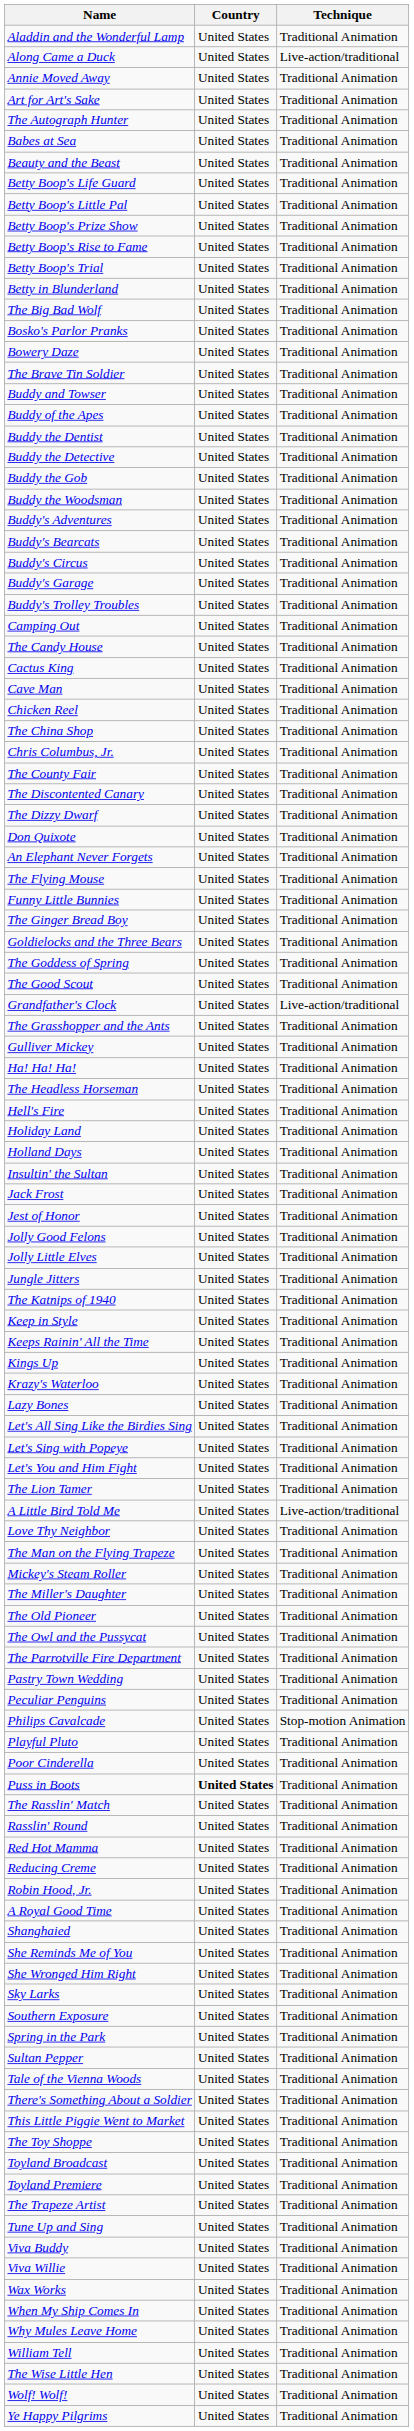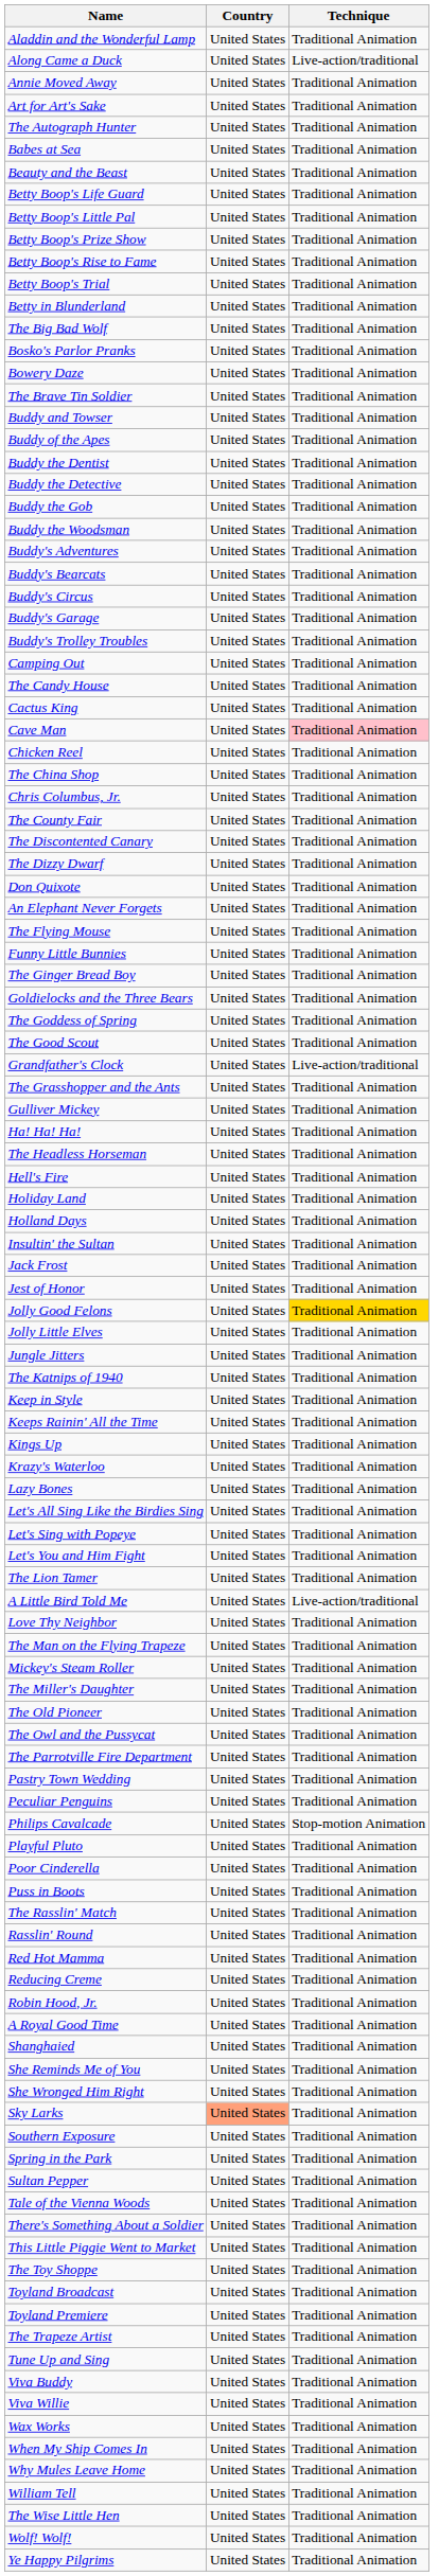 <table class="wikitable sortable">
 <tr>
 <th>Name</th>
 <th>Country</th>
 <th>Technique</th>
 </tr>
 <tr>
 <td><em><a href='#'>Aladdin and the Wonderful Lamp</a></em></td>
 <td>United States</td>
 <td>Traditional Animation</td>
 </tr>
 <tr>
 <td><em><a href='#'>Along Came a Duck</a></em></td>
 <td>United States</td>
 <td>Live-action/traditional</td>
 </tr>
 <tr>
 <td><em><a href='#'>Annie Moved Away</a></em></td>
 <td>United States</td>
 <td>Traditional Animation</td>
 </tr>
 <tr>
 <td><em><a href='#'>Art for Art's Sake</a></em></td>
 <td>United States</td>
 <td>Traditional Animation</td>
 </tr>
 <tr>
 <td><em><a href='#'>The Autograph Hunter</a></em></td>
 <td>United States</td>
 <td>Traditional Animation</td>
 </tr>
 <tr>
 <td><em><a href='#'>Babes at Sea</a></em></td>
 <td>United States</td>
 <td>Traditional Animation</td>
 </tr>
 <tr>
 <td><em><a href='#'>Beauty and the Beast</a></em></td>
 <td>United States</td>
 <td>Traditional Animation</td>
 </tr>
 <tr>
 <td><em><a href='#'>Betty Boop's Life Guard</a></em></td>
 <td>United States</td>
 <td>Traditional Animation</td>
 </tr>
 <tr>
 <td><em><a href='#'>Betty Boop's Little Pal</a></em></td>
 <td>United States</td>
 <td>Traditional Animation</td>
 </tr>
 <tr>
 <td><em><a href='#'>Betty Boop's Prize Show</a></em></td>
 <td>United States</td>
 <td>Traditional Animation</td>
 </tr>
 <tr>
 <td><em><a href='#'>Betty Boop's Rise to Fame</a></em></td>
 <td>United States</td>
 <td>Traditional Animation</td>
 </tr>
 <tr>
 <td><em><a href='#'>Betty Boop's Trial</a></em></td>
 <td>United States</td>
 <td>Traditional Animation</td>
 </tr>
 <tr>
 <td><em><a href='#'>Betty in Blunderland</a></em></td>
 <td>United States</td>
 <td>Traditional Animation</td>
 </tr>
 <tr>
 <td><em><a href='#'>The Big Bad Wolf</a></em></td>
 <td>United States</td>
 <td>Traditional Animation</td>
 </tr>
 <tr>
 <td><em><a href='#'>Bosko's Parlor Pranks</a></em></td>
 <td>United States</td>
 <td>Traditional Animation</td>
 </tr>
 <tr>
 <td><em><a href='#'>Bowery Daze</a></em></td>
 <td>United States</td>
 <td>Traditional Animation</td>
 </tr>
 <tr>
 <td><em><a href='#'>The Brave Tin Soldier</a></em></td>
 <td>United States</td>
 <td>Traditional Animation</td>
 </tr>
 <tr>
 <td><em><a href='#'>Buddy and Towser</a></em></td>
 <td>United States</td>
 <td>Traditional Animation</td>
 </tr>
 <tr>
 <td><em><a href='#'>Buddy of the Apes</a></em></td>
 <td>United States</td>
 <td>Traditional Animation</td>
 </tr>
 <tr>
 <td><em><a href='#'>Buddy the Dentist</a></em></td>
 <td>United States</td>
 <td>Traditional Animation</td>
 </tr>
 <tr>
 <td><em><a href='#'>Buddy the Detective</a></em></td>
 <td>United States</td>
 <td>Traditional Animation</td>
 </tr>
 <tr>
 <td><em><a href='#'>Buddy the Gob</a></em></td>
 <td>United States</td>
 <td>Traditional Animation</td>
 </tr>
 <tr>
 <td><em><a href='#'>Buddy the Woodsman</a></em></td>
 <td>United States</td>
 <td>Traditional Animation</td>
 </tr>
 <tr>
 <td><em><a href='#'>Buddy's Adventures</a></em></td>
 <td>United States</td>
 <td>Traditional Animation</td>
 </tr>
 <tr>
 <td><em><a href='#'>Buddy's Bearcats</a></em></td>
 <td>United States</td>
 <td>Traditional Animation</td>
 </tr>
 <tr>
 <td><em><a href='#'>Buddy's Circus</a></em></td>
 <td>United States</td>
 <td>Traditional Animation</td>
 </tr>
 <tr>
 <td><em><a href='#'>Buddy's Garage</a></em></td>
 <td>United States</td>
 <td>Traditional Animation</td>
 </tr>
 <tr>
 <td><em><a href='#'>Buddy's Trolley Troubles</a></em></td>
 <td>United States</td>
 <td>Traditional Animation</td>
 </tr>
 <tr>
 <td><em><a href='#'>Camping Out</a></em></td>
 <td>United States</td>
 <td>Traditional Animation</td>
 </tr>
 <tr>
 <td><em><a href='#'>The Candy House</a></em></td>
 <td>United States</td>
 <td>Traditional Animation</td>
 </tr>
 <tr>
 <td><em><a href='#'>Cactus King</a></em></td>
 <td>United States</td>
 <td>Traditional Animation</td>
 </tr>
 <tr>
 <td><em><a href='#'>Cave Man</a></em></td>
 <td>United States</td>
-<td>Traditional Animation</td>
+<td style="background: pink;">Traditional Animation</td>
 </tr>
 <tr>
 <td><em><a href='#'>Chicken Reel</a></em></td>
 <td>United States</td>
 <td>Traditional Animation</td>
 </tr>
 <tr>
 <td><em><a href='#'>The China Shop</a></em></td>
 <td>United States</td>
 <td>Traditional Animation</td>
 </tr>
 <tr>
 <td><em><a href='#'>Chris Columbus, Jr.</a></em></td>
 <td>United States</td>
 <td>Traditional Animation</td>
 </tr>
 <tr>
 <td><em><a href='#'>The County Fair</a></em></td>
 <td>United States</td>
 <td>Traditional Animation</td>
 </tr>
 <tr>
 <td><em><a href='#'>The Discontented Canary</a></em></td>
 <td>United States</td>
 <td>Traditional Animation</td>
 </tr>
 <tr>
 <td><em><a href='#'>The Dizzy Dwarf</a></em></td>
 <td>United States</td>
 <td>Traditional Animation</td>
 </tr>
 <tr>
 <td><em><a href='#'>Don Quixote</a></em></td>
 <td>United States</td>
 <td>Traditional Animation</td>
 </tr>
 <tr>
 <td><em><a href='#'>An Elephant Never Forgets</a></em></td>
 <td>United States</td>
 <td>Traditional Animation</td>
 </tr>
 <tr>
 <td><em><a href='#'>The Flying Mouse</a></em></td>
 <td>United States</td>
 <td>Traditional Animation</td>
 </tr>
 <tr>
 <td><em><a href='#'>Funny Little Bunnies</a></em></td>
 <td>United States</td>
 <td>Traditional Animation</td>
 </tr>
 <tr>
 <td><em><a href='#'>The Ginger Bread Boy</a></em></td>
 <td>United States</td>
 <td>Traditional Animation</td>
 </tr>
 <tr>
 <td><em><a href='#'>Goldielocks and the Three Bears</a></em></td>
 <td>United States</td>
 <td>Traditional Animation</td>
 </tr>
 <tr>
 <td><em><a href='#'>The Goddess of Spring</a></em></td>
 <td>United States</td>
 <td>Traditional Animation</td>
 </tr>
 <tr>
 <td><em><a href='#'>The Good Scout</a></em></td>
 <td>United States</td>
 <td>Traditional Animation</td>
 </tr>
 <tr>
 <td><em><a href='#'>Grandfather's Clock</a></em></td>
 <td>United States</td>
 <td>Live-action/traditional</td>
 </tr>
 <tr>
 <td><em><a href='#'>The Grasshopper and the Ants</a></em></td>
 <td>United States</td>
 <td>Traditional Animation</td>
 </tr>
 <tr>
 <td><em><a href='#'>Gulliver Mickey</a></em></td>
 <td>United States</td>
 <td>Traditional Animation</td>
 </tr>
 <tr>
 <td><em><a href='#'>Ha! Ha! Ha!</a></em></td>
 <td>United States</td>
 <td>Traditional Animation</td>
 </tr>
 <tr>
 <td><em><a href='#'>The Headless Horseman</a></em></td>
 <td>United States</td>
 <td>Traditional Animation</td>
 </tr>
 <tr>
 <td><em><a href='#'>Hell's Fire</a></em></td>
 <td>United States</td>
 <td>Traditional Animation</td>
 </tr>
 <tr>
 <td><em><a href='#'>Holiday Land</a></em></td>
 <td>United States</td>
 <td>Traditional Animation</td>
 </tr>
 <tr>
 <td><em><a href='#'>Holland Days</a></em></td>
 <td>United States</td>
 <td>Traditional Animation</td>
 </tr>
 <tr>
 <td><em><a href='#'>Insultin' the Sultan</a></em></td>
 <td>United States</td>
 <td>Traditional Animation</td>
 </tr>
 <tr>
 <td><em><a href='#'>Jack Frost</a></em></td>
 <td>United States</td>
 <td>Traditional Animation</td>
 </tr>
 <tr>
 <td><em><a href='#'>Jest of Honor</a></em></td>
 <td>United States</td>
 <td>Traditional Animation</td>
 </tr>
 <tr>
 <td><em><a href='#'>Jolly Good Felons</a></em></td>
 <td>United States</td>
-<td>Traditional Animation</td>
+<td style="background: gold;">Traditional Animation</td>
 </tr>
 <tr>
 <td><em><a href='#'>Jolly Little Elves</a></em></td>
 <td>United States</td>
 <td>Traditional Animation</td>
 </tr>
 <tr>
 <td><em><a href='#'>Jungle Jitters</a></em></td>
 <td>United States</td>
 <td>Traditional Animation</td>
 </tr>
 <tr>
 <td><em><a href='#'>The Katnips of 1940</a></em></td>
 <td>United States</td>
 <td>Traditional Animation</td>
 </tr>
 <tr>
 <td><em><a href='#'>Keep in Style</a></em></td>
 <td>United States</td>
 <td>Traditional Animation</td>
 </tr>
 <tr>
 <td><em><a href='#'>Keeps Rainin' All the Time</a></em></td>
 <td>United States</td>
 <td>Traditional Animation</td>
 </tr>
 <tr>
 <td><em><a href='#'>Kings Up</a></em></td>
 <td>United States</td>
 <td>Traditional Animation</td>
 </tr>
 <tr>
 <td><em><a href='#'>Krazy's Waterloo</a></em></td>
 <td>United States</td>
 <td>Traditional Animation</td>
 </tr>
 <tr>
 <td><em><a href='#'>Lazy Bones</a></em></td>
 <td>United States</td>
 <td>Traditional Animation</td>
 </tr>
 <tr>
 <td><em><a href='#'>Let's All Sing Like the Birdies Sing</a></em></td>
 <td>United States</td>
 <td>Traditional Animation</td>
 </tr>
 <tr>
 <td><em><a href='#'>Let's Sing with Popeye</a></em></td>
 <td>United States</td>
 <td>Traditional Animation</td>
 </tr>
 <tr>
 <td><em><a href='#'>Let's You and Him Fight</a></em></td>
 <td>United States</td>
 <td>Traditional Animation</td>
 </tr>
 <tr>
 <td><em><a href='#'>The Lion Tamer</a></em></td>
 <td>United States</td>
 <td>Traditional Animation</td>
 </tr>
 <tr>
 <td><em><a href='#'>A Little Bird Told Me</a></em></td>
 <td>United States</td>
 <td>Live-action/traditional</td>
 </tr>
 <tr>
 <td><em><a href='#'>Love Thy Neighbor</a></em></td>
 <td>United States</td>
 <td>Traditional Animation</td>
 </tr>
 <tr>
 <td><em><a href='#'>The Man on the Flying Trapeze</a></em></td>
 <td>United States</td>
 <td>Traditional Animation</td>
 </tr>
 <tr>
 <td><em><a href='#'>Mickey's Steam Roller</a></em></td>
 <td>United States</td>
 <td>Traditional Animation</td>
 </tr>
 <tr>
 <td><em><a href='#'>The Miller's Daughter</a></em></td>
 <td>United States</td>
 <td>Traditional Animation</td>
 </tr>
 <tr>
 <td><em><a href='#'>The Old Pioneer</a></em></td>
 <td>United States</td>
 <td>Traditional Animation</td>
 </tr>
 <tr>
 <td><em><a href='#'>The Owl and the Pussycat</a></em></td>
 <td>United States</td>
 <td>Traditional Animation</td>
 </tr>
 <tr>
 <td><em><a href='#'>The Parrotville Fire Department</a></em></td>
 <td>United States</td>
 <td>Traditional Animation</td>
 </tr>
 <tr>
 <td><em><a href='#'>Pastry Town Wedding</a></em></td>
 <td>United States</td>
 <td>Traditional Animation</td>
 </tr>
 <tr>
 <td><em><a href='#'>Peculiar Penguins</a></em></td>
 <td>United States</td>
 <td>Traditional Animation</td>
 </tr>
 <tr>
 <td><em><a href='#'>Philips Cavalcade</a></em></td>
 <td>United States</td>
 <td>Stop-motion Animation</td>
 </tr>
 <tr>
 <td><em><a href='#'>Playful Pluto</a></em></td>
 <td>United States</td>
 <td>Traditional Animation</td>
 </tr>
 <tr>
 <td><em><a href='#'>Poor Cinderella</a></em></td>
 <td>United States</td>
 <td>Traditional Animation</td>
 </tr>
 <tr>
 <td><em><a href='#'>Puss in Boots</a></em></td>
-<td><strong>United States</strong></td>
+<td>United States</td>
 <td>Traditional Animation</td>
 </tr>
 <tr>
 <td><em><a href='#'>The Rasslin' Match</a></em></td>
 <td>United States</td>
 <td>Traditional Animation</td>
 </tr>
 <tr>
 <td><em><a href='#'>Rasslin' Round</a></em></td>
 <td>United States</td>
 <td>Traditional Animation</td>
 </tr>
 <tr>
 <td><em><a href='#'>Red Hot Mamma</a></em></td>
 <td>United States</td>
 <td>Traditional Animation</td>
 </tr>
 <tr>
 <td><em><a href='#'>Reducing Creme</a></em></td>
 <td>United States</td>
 <td>Traditional Animation</td>
 </tr>
 <tr>
 <td><em><a href='#'>Robin Hood, Jr.</a></em></td>
 <td>United States</td>
 <td>Traditional Animation</td>
 </tr>
 <tr>
 <td><em><a href='#'>A Royal Good Time</a></em></td>
 <td>United States</td>
 <td>Traditional Animation</td>
 </tr>
 <tr>
 <td><em><a href='#'>Shanghaied</a></em></td>
 <td>United States</td>
 <td>Traditional Animation</td>
 </tr>
 <tr>
 <td><em><a href='#'>She Reminds Me of You</a></em></td>
 <td>United States</td>
 <td>Traditional Animation</td>
 </tr>
 <tr>
 <td><em><a href='#'>She Wronged Him Right</a></em></td>
 <td>United States</td>
 <td>Traditional Animation</td>
 </tr>
 <tr>
 <td><em><a href='#'>Sky Larks</a></em></td>
-<td>United States</td>
+<td style="background: lightsalmon;">United States</td>
 <td>Traditional Animation</td>
 </tr>
 <tr>
 <td><em><a href='#'>Southern Exposure</a></em></td>
 <td>United States</td>
 <td>Traditional Animation</td>
 </tr>
 <tr>
 <td><em><a href='#'>Spring in the Park</a></em></td>
 <td>United States</td>
 <td>Traditional Animation</td>
 </tr>
 <tr>
 <td><em><a href='#'>Sultan Pepper</a></em></td>
 <td>United States</td>
 <td>Traditional Animation</td>
 </tr>
 <tr>
 <td><em><a href='#'>Tale of the Vienna Woods</a></em></td>
 <td>United States</td>
 <td>Traditional Animation</td>
 </tr>
 <tr>
 <td><em><a href='#'>There's Something About a Soldier</a></em></td>
 <td>United States</td>
 <td>Traditional Animation</td>
 </tr>
 <tr>
 <td><em><a href='#'>This Little Piggie Went to Market</a></em></td>
 <td>United States</td>
 <td>Traditional Animation</td>
 </tr>
 <tr>
 <td><em><a href='#'>The Toy Shoppe</a></em></td>
 <td>United States</td>
 <td>Traditional Animation</td>
 </tr>
 <tr>
 <td><em><a href='#'>Toyland Broadcast</a></em></td>
 <td>United States</td>
 <td>Traditional Animation</td>
 </tr>
 <tr>
 <td><em><a href='#'>Toyland Premiere</a></em></td>
 <td>United States</td>
 <td>Traditional Animation</td>
 </tr>
 <tr>
 <td><em><a href='#'>The Trapeze Artist</a></em></td>
 <td>United States</td>
 <td>Traditional Animation</td>
 </tr>
 <tr>
 <td><em><a href='#'>Tune Up and Sing</a></em></td>
 <td>United States</td>
 <td>Traditional Animation</td>
 </tr>
 <tr>
 <td><em><a href='#'>Viva Buddy</a></em></td>
 <td>United States</td>
 <td>Traditional Animation</td>
 </tr>
 <tr>
 <td><em><a href='#'>Viva Willie</a></em></td>
 <td>United States</td>
 <td>Traditional Animation</td>
 </tr>
 <tr>
 <td><em><a href='#'>Wax Works</a></em></td>
 <td>United States</td>
 <td>Traditional Animation</td>
 </tr>
 <tr>
 <td><em><a href='#'>When My Ship Comes In</a></em></td>
 <td>United States</td>
 <td>Traditional Animation</td>
 </tr>
 <tr>
 <td><em><a href='#'>Why Mules Leave Home</a></em></td>
 <td>United States</td>
 <td>Traditional Animation</td>
 </tr>
 <tr>
 <td><em><a href='#'>William Tell</a></em></td>
 <td>United States</td>
 <td>Traditional Animation</td>
 </tr>
 <tr>
 <td><em><a href='#'>The Wise Little Hen</a></em></td>
 <td>United States</td>
 <td>Traditional Animation</td>
 </tr>
 <tr>
 <td><em><a href='#'>Wolf! Wolf!</a></em></td>
 <td>United States</td>
 <td>Traditional Animation</td>
 </tr>
 <tr>
 <td><em><a href='#'>Ye Happy Pilgrims</a></em></td>
 <td>United States</td>
 <td>Traditional Animation</td>
 </tr>
 </table>
